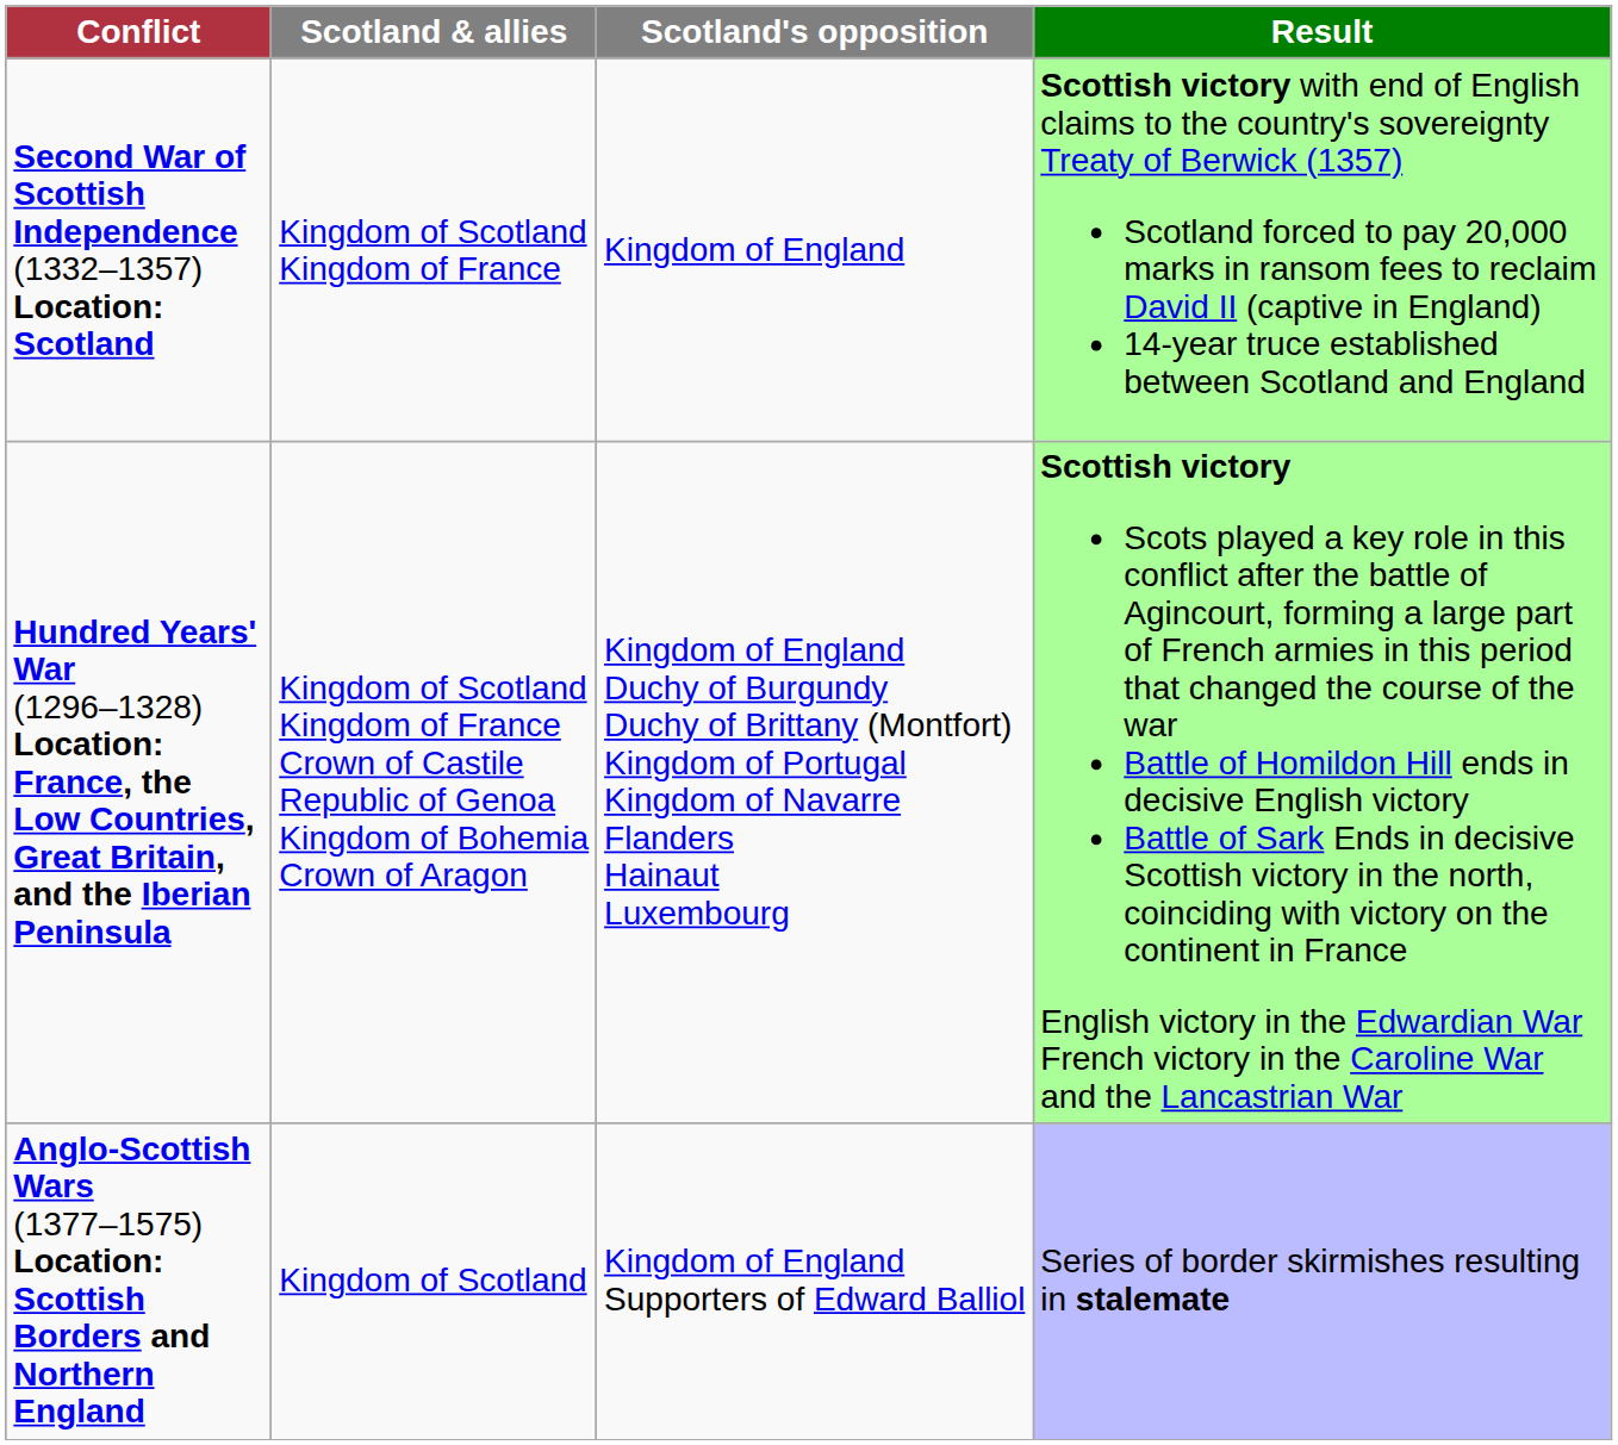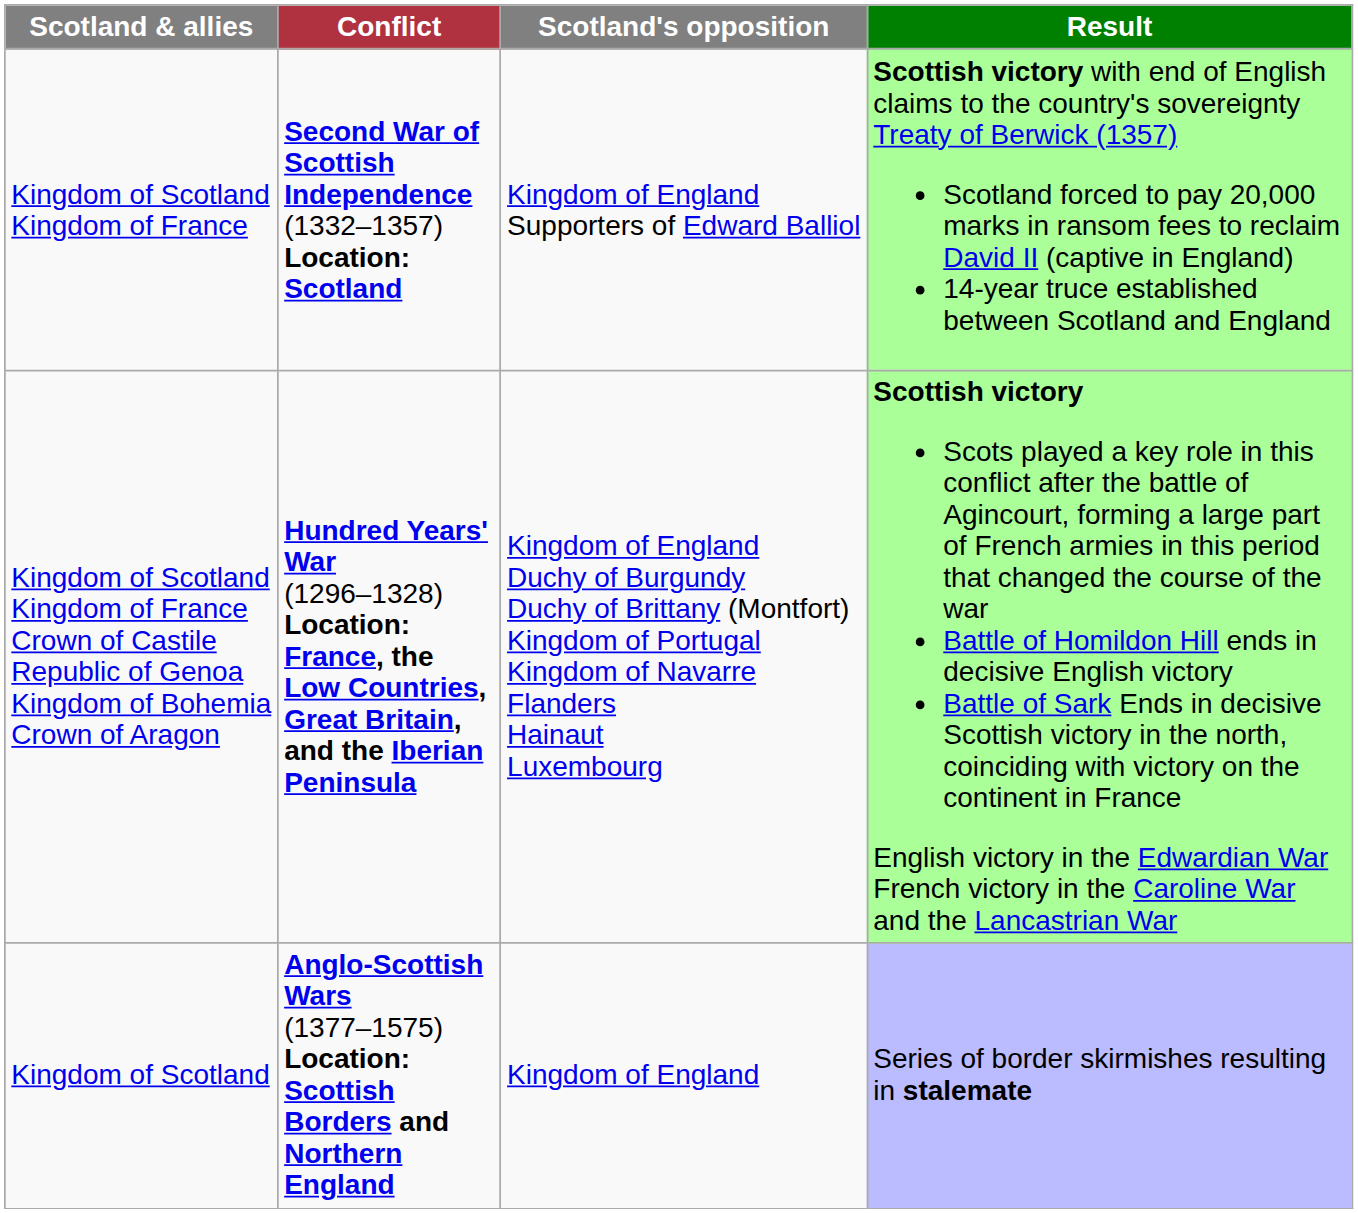 <table class="wikitable">
 <tr>
+<th style="color: white; background:gray;">Scotland & allies</th>
 <th style="color: white; background:#b0313f; width:120px;">Conflict</th>
-<th style="color: white; background:gray;">Scotland & allies</th>
 <th style="color: white; background:gray;">Scotland's opposition</th>
 <th style="color: white; background:green; width:270px;">Result</th>
 </tr>
 <tr>
+<td> <a href='#'>Kingdom of Scotland</a><br> <a href='#'>Kingdom of France</a></td>
 <td><strong><a href='#'>Second War of Scottish Independence</a></strong><br>(1332–1357)<br><strong>Location: <a href='#'>Scotland</a></strong></td>
-<td> <a href='#'>Kingdom of Scotland</a><br> <a href='#'>Kingdom of France</a></td>
-<td> <a href='#'>Kingdom of England</a></td>
+<td> <a href='#'>Kingdom of England</a><br> Supporters of <a href='#'>Edward Balliol</a></td>
 <td style="Background:#AF9"><strong>Scottish victory</strong> with end of English claims to the country's sovereignty<br><a href='#'>Treaty of Berwick (1357)</a><ul><li>Scotland forced to pay 20,000 marks in ransom fees to reclaim <a href='#'>David II</a> (captive in England)</li><li>14-year truce established between Scotland and England</li></ul></td>
 </tr>
 <tr>
+<td> <a href='#'>Kingdom of Scotland</a><br> <a href='#'>Kingdom of France</a><br> <a href='#'>Crown of Castile</a><br> <a href='#'>Republic of Genoa</a><br> <a href='#'>Kingdom of Bohemia</a><br> <a href='#'>Crown of Aragon</a></td>
 <td><strong><a href='#'>Hundred Years' War</a></strong><br>(1296–1328)<br><strong>Location: <a href='#'>France</a>, the <a href='#'>Low Countries</a>, <a href='#'>Great Britain</a>, and the <a href='#'>Iberian Peninsula</a></strong></td>
-<td> <a href='#'>Kingdom of Scotland</a><br> <a href='#'>Kingdom of France</a><br> <a href='#'>Crown of Castile</a><br> <a href='#'>Republic of Genoa</a><br> <a href='#'>Kingdom of Bohemia</a><br> <a href='#'>Crown of Aragon</a></td>
 <td> <a href='#'>Kingdom of England</a><br> <a href='#'>Duchy of Burgundy</a><br> <a href='#'>Duchy of Brittany</a> (Montfort)<br> <a href='#'>Kingdom of Portugal</a><br> <a href='#'>Kingdom of Navarre</a><br> <a href='#'>Flanders</a><br> <a href='#'>Hainaut</a><br><a href='#'>Luxembourg</a></td>
 <td style="Background:#AF9"><strong>Scottish victory</strong><br><ul><li>Scots played a key role in this conflict after the battle of Agincourt, forming a large part of French armies in this period that changed the course of the war</li><li><a href='#'>Battle of Homildon Hill</a> ends in decisive English victory</li><li><a href='#'>Battle of Sark</a> Ends in decisive Scottish victory in the north, coinciding with victory on the continent in France</li></ul>English victory in the <a href='#'>Edwardian War</a><br>French victory in the <a href='#'>Caroline War</a> and the <a href='#'>Lancastrian War</a></td>
 </tr>
 <tr>
+<td> <a href='#'>Kingdom of Scotland</a></td>
 <td><strong><a href='#'>Anglo-Scottish Wars</a></strong><br>(1377–1575)<br><strong>Location: <a href='#'>Scottish Borders</a> and <a href='#'>Northern England</a></strong></td>
-<td> <a href='#'>Kingdom of Scotland</a></td>
-<td> <a href='#'>Kingdom of England</a><br> Supporters of <a href='#'>Edward Balliol</a></td>
+<td> <a href='#'>Kingdom of England</a></td>
 <td style="Background:#BBF">Series of border skirmishes resulting in <strong>stalemate</strong></td>
 </tr>
 </table>
